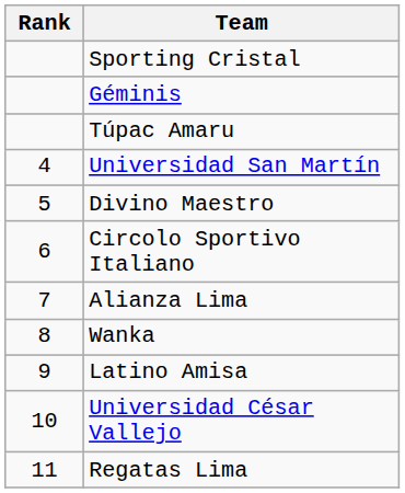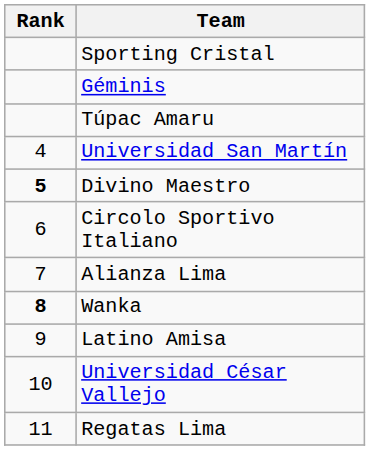 <table class="wikitable" style="text-align: center;">
 <tr>
 <th width=40>Rank</th>
 <th width=180>Team</th>
 </tr>
 <tr align=center>
 <td></td>
 <td style="text-align:left;">Sporting Cristal</td>
 </tr>
 <tr align=center>
 <td></td>
 <td style="text-align:left;"><a href='#'>Géminis</a></td>
 </tr>
 <tr align=center>
 <td></td>
 <td style="text-align:left;">Túpac Amaru</td>
 </tr>
 <tr align=center>
 <td>4</td>
 <td style="text-align:left;"><a href='#'>Universidad San Martín</a></td>
 </tr>
 <tr align=center>
-<td>5</td>
+<td><strong>5</strong></td>
 <td style="text-align:left;">Divino Maestro</td>
 </tr>
 <tr align=center>
 <td>6</td>
 <td style="text-align:left;">Circolo Sportivo Italiano</td>
 </tr>
 <tr align=center>
 <td>7</td>
 <td style="text-align:left;">Alianza Lima</td>
 </tr>
 <tr align=center>
-<td>8</td>
+<td><strong>8</strong></td>
 <td style="text-align:left;">Wanka</td>
 </tr>
 <tr align=center>
 <td>9</td>
 <td style="text-align:left;">Latino Amisa</td>
 </tr>
 <tr align=center>
 <td>10</td>
 <td style="text-align:left;"><a href='#'>Universidad César Vallejo</a></td>
 </tr>
 <tr align=center>
 <td>11</td>
 <td style="text-align:left;">Regatas Lima</td>
 </tr>
 </table>
